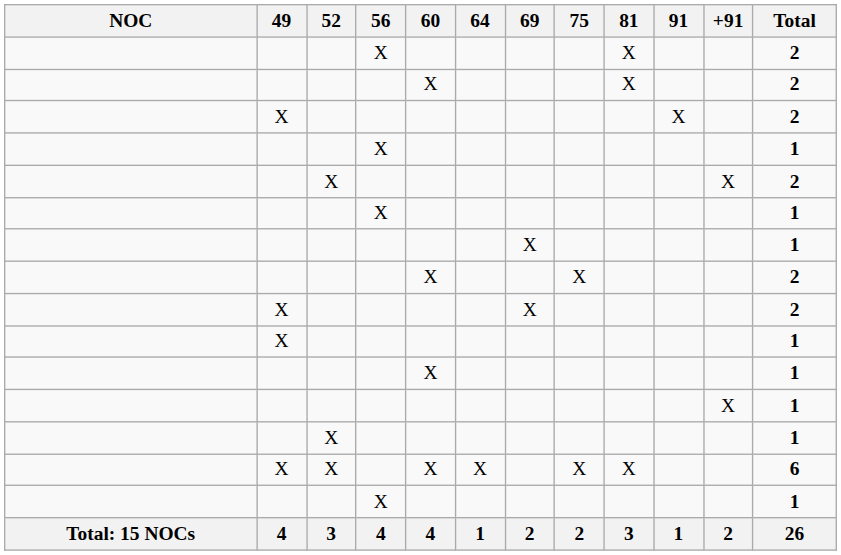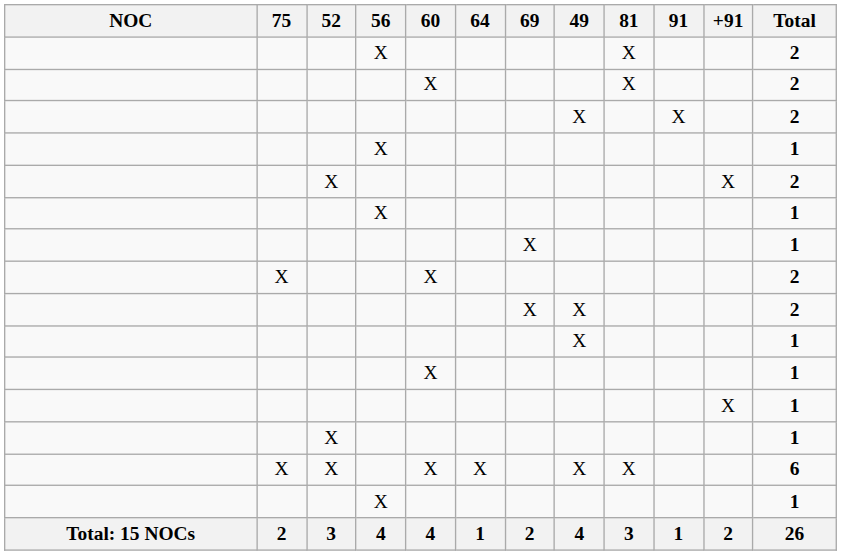 <table class="wikitable" style="text-align:center; font-size:90%">
 <tr>
 <th width=180 align="left">NOC</th>
-<th width=30>49</th>
+<th width=30>75</th>
 <th width=30>52</th>
 <th width=30>56</th>
 <th width=30>60</th>
 <th width=30>64</th>
 <th width=30>69</th>
-<th width=30>75</th>
+<th width=30>49</th>
 <th width=30>81</th>
 <th width=30>91</th>
 <th width=30>+91</th>
 <th width=55>Total</th>
 </tr>
 <tr>
 <td align=left></td>
 <td></td>
 <td></td>
 <td>X</td>
 <td></td>
 <td></td>
 <td></td>
 <td></td>
 <td>X</td>
 <td></td>
 <td></td>
 <td><strong>2</strong></td>
 </tr>
 <tr>
 <td align=left></td>
 <td></td>
 <td></td>
 <td></td>
 <td>X</td>
 <td></td>
 <td></td>
 <td></td>
 <td>X</td>
 <td></td>
 <td></td>
 <td><strong>2</strong></td>
 </tr>
 <tr>
 <td align=left></td>
-<td>X</td>
 <td></td>
 <td></td>
 <td></td>
 <td></td>
 <td></td>
 <td></td>
+<td>X</td>
 <td></td>
 <td>X</td>
 <td></td>
 <td><strong>2</strong></td>
 </tr>
 <tr>
 <td align=left></td>
 <td></td>
 <td></td>
 <td>X</td>
 <td></td>
 <td></td>
 <td></td>
 <td></td>
 <td></td>
 <td></td>
 <td></td>
 <td><strong>1</strong></td>
 </tr>
 <tr>
 <td align=left></td>
 <td></td>
 <td>X</td>
 <td></td>
 <td></td>
 <td></td>
 <td></td>
 <td></td>
 <td></td>
 <td></td>
 <td>X</td>
 <td><strong>2</strong></td>
 </tr>
 <tr>
 <td align=left></td>
 <td></td>
 <td></td>
 <td>X</td>
 <td></td>
 <td></td>
 <td></td>
 <td></td>
 <td></td>
 <td></td>
 <td></td>
 <td><strong>1</strong></td>
 </tr>
 <tr>
 <td align=left></td>
 <td></td>
 <td></td>
 <td></td>
 <td></td>
 <td></td>
 <td>X</td>
 <td></td>
 <td></td>
 <td></td>
 <td></td>
 <td><strong>1</strong></td>
 </tr>
 <tr>
 <td align=left></td>
-<td></td>
+<td>X</td>
 <td></td>
 <td></td>
 <td>X</td>
 <td></td>
 <td></td>
+<td></td>
+<td></td>
+<td></td>
+<td></td>
+<td><strong>2</strong></td>
+</tr>
+<tr>
+<td align=left></td>
+<td></td>
+<td></td>
+<td></td>
+<td></td>
+<td></td>
+<td>X</td>
 <td>X</td>
 <td></td>
 <td></td>
 <td></td>
 <td><strong>2</strong></td>
 </tr>
 <tr>
 <td align=left></td>
-<td>X</td>
-<td></td>
-<td></td>
-<td></td>
-<td></td>
-<td>X</td>
-<td></td>
-<td></td>
-<td></td>
-<td></td>
-<td><strong>2</strong></td>
-</tr>
-<tr>
-<td align=left></td>
-<td>X</td>
 <td></td>
 <td></td>
 <td></td>
 <td></td>
 <td></td>
 <td></td>
+<td>X</td>
 <td></td>
 <td></td>
 <td></td>
 <td><strong>1</strong></td>
 </tr>
 <tr>
 <td align=left></td>
 <td></td>
 <td></td>
 <td></td>
 <td>X</td>
 <td></td>
 <td></td>
 <td></td>
 <td></td>
 <td></td>
 <td></td>
 <td><strong>1</strong></td>
 </tr>
 <tr>
 <td align=left></td>
 <td></td>
 <td></td>
 <td></td>
 <td></td>
 <td></td>
 <td></td>
 <td></td>
 <td></td>
 <td></td>
 <td>X</td>
 <td><strong>1</strong></td>
 </tr>
 <tr>
 <td align=left></td>
 <td></td>
 <td>X</td>
 <td></td>
 <td></td>
 <td></td>
 <td></td>
 <td></td>
 <td></td>
 <td></td>
 <td></td>
 <td><strong>1</strong></td>
 </tr>
 <tr>
 <td align=left></td>
 <td>X</td>
 <td>X</td>
 <td></td>
 <td>X</td>
 <td>X</td>
 <td></td>
 <td>X</td>
 <td>X</td>
 <td></td>
 <td></td>
 <td><strong>6</strong></td>
 </tr>
 <tr>
 <td align=left></td>
 <td></td>
 <td></td>
 <td>X</td>
 <td></td>
 <td></td>
 <td></td>
 <td></td>
 <td></td>
 <td></td>
 <td></td>
 <td><strong>1</strong></td>
 </tr>
 <tr>
 <th>Total: 15 NOCs</th>
-<th>4</th>
+<th>2</th>
 <th>3</th>
 <th>4</th>
 <th>4</th>
 <th>1</th>
 <th>2</th>
-<th>2</th>
+<th>4</th>
 <th>3</th>
 <th>1</th>
 <th>2</th>
 <th>26</th>
 </tr>
 </table>
